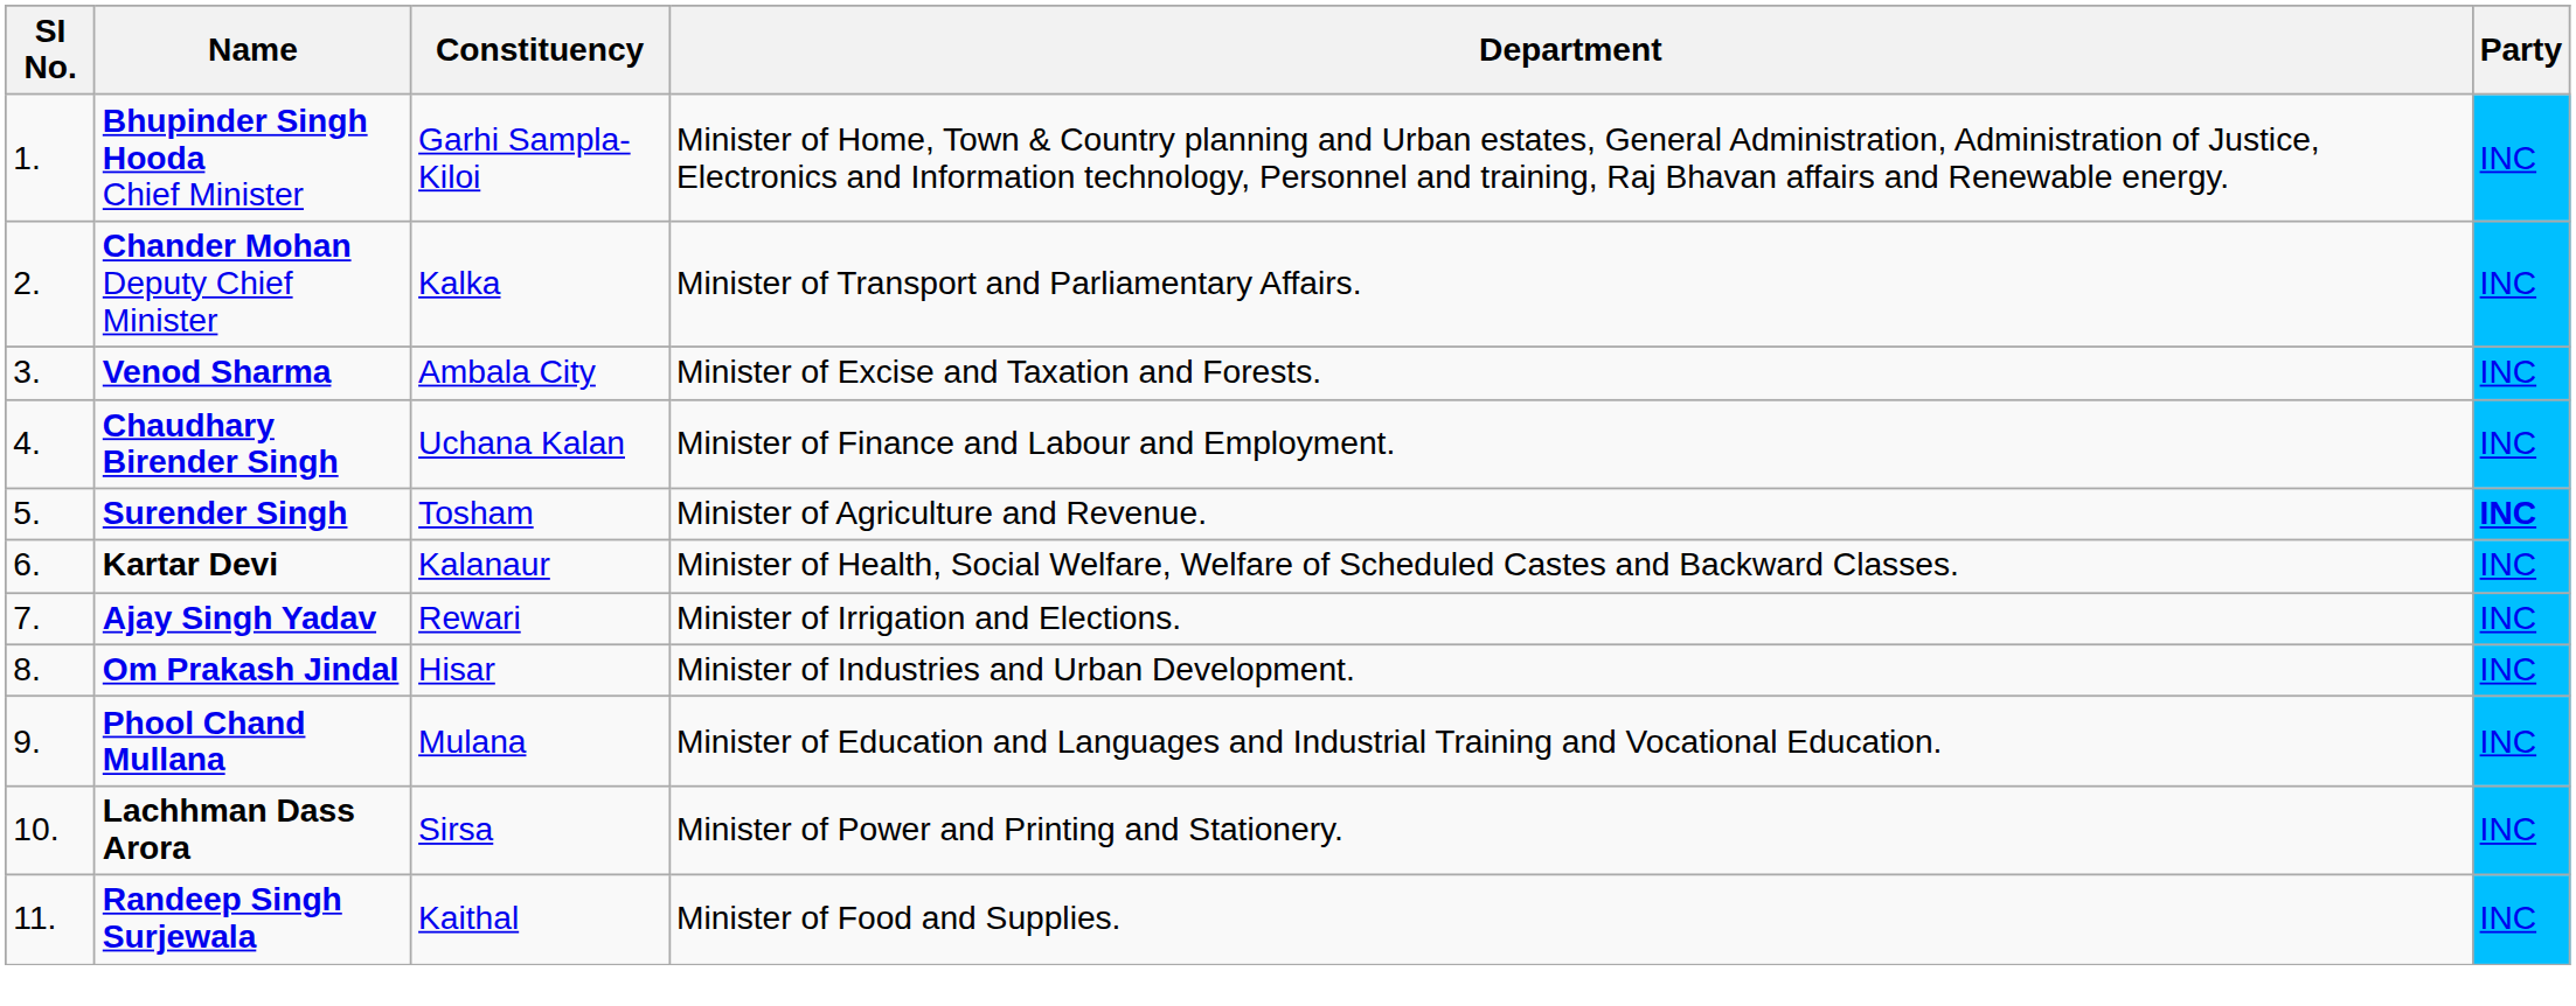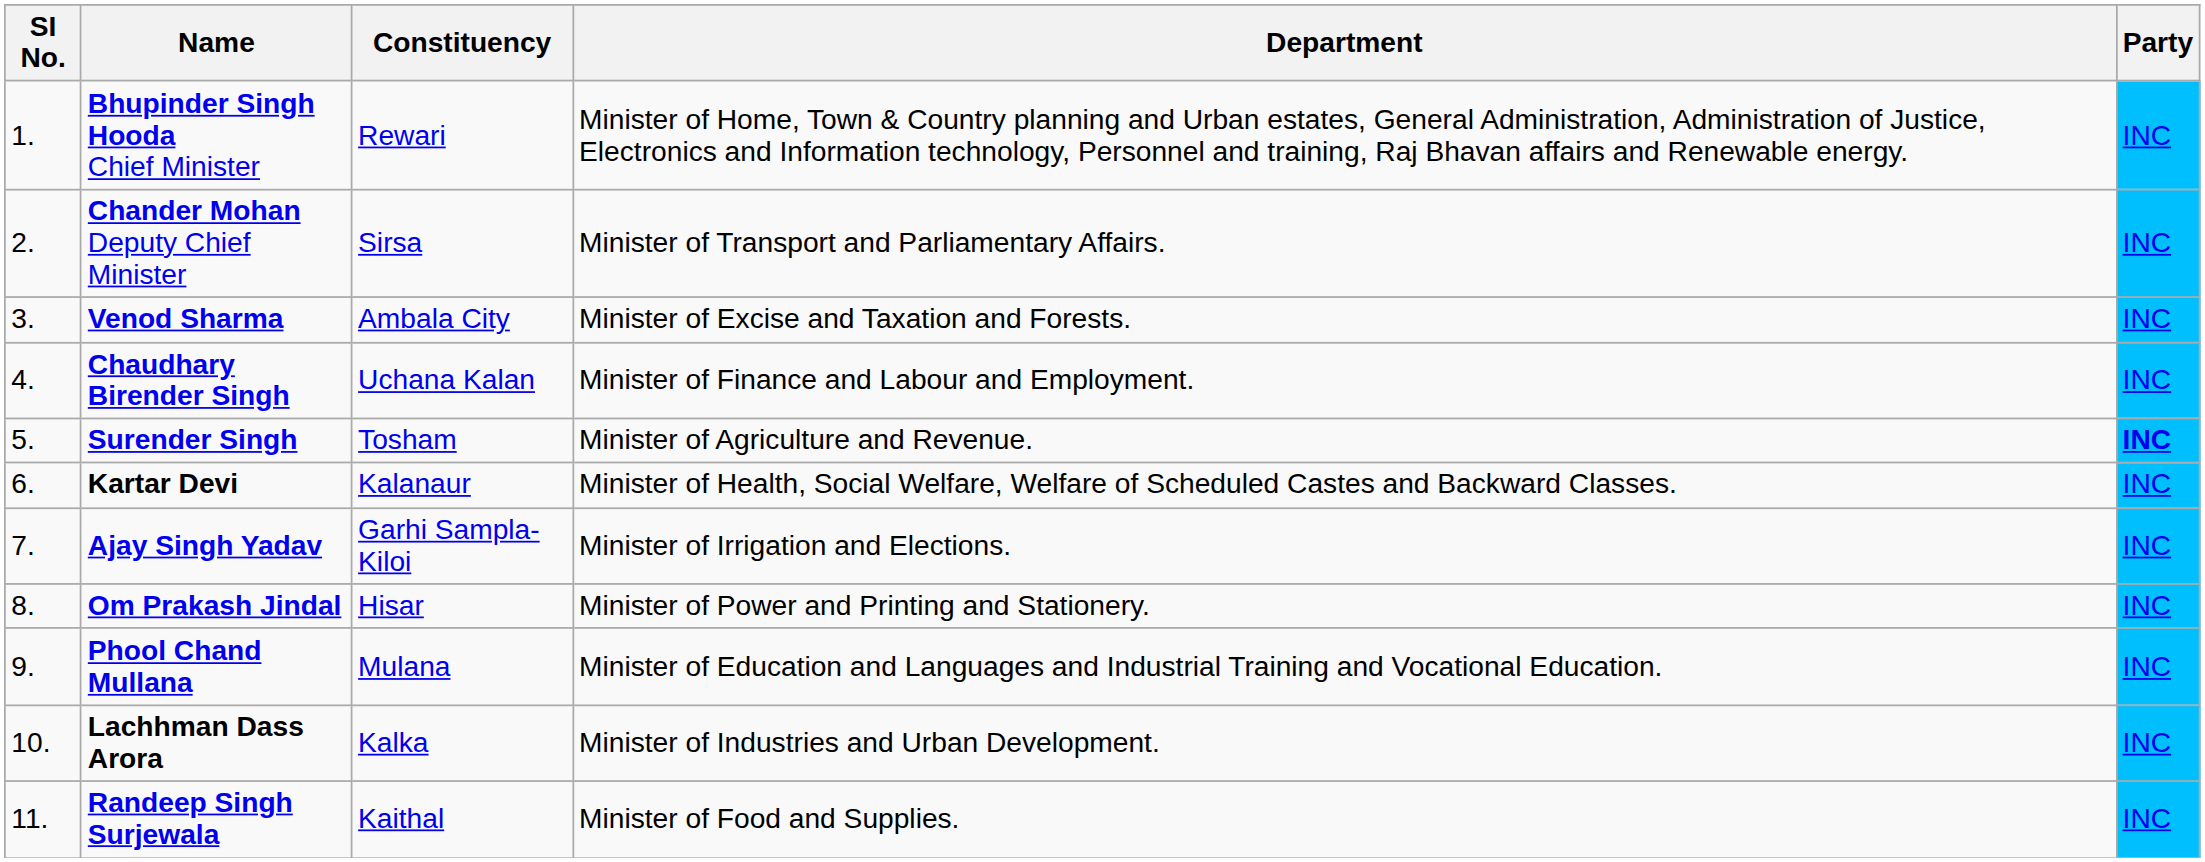 <table class="wikitable sortable">
 <tr>
 <th>SI No.</th>
 <th>Name</th>
 <th>Constituency</th>
 <th>Department</th>
 <th colspan=2>Party</th>
 </tr>
 <tr>
 <td>1.</td>
 <td><strong><a href='#'>Bhupinder Singh Hooda</a></strong><br><a href='#'>Chief Minister</a></td>
-<td><a href='#'>Garhi Sampla-Kiloi</a></td>
+<td><a href='#'>Rewari</a></td>
 <td>Minister of Home, Town & Country planning and Urban estates, General Administration, Administration of Justice, Electronics and Information technology, Personnel and training, Raj Bhavan affairs and Renewable energy.</td>
 <td bgcolor=#00BFFF><a href='#'>INC</a></td>
 </tr>
 <tr>
 <td>2.</td>
 <td><strong><a href='#'>Chander Mohan</a></strong><br><a href='#'>Deputy Chief Minister</a></td>
-<td><a href='#'>Kalka</a></td>
+<td><a href='#'>Sirsa</a></td>
 <td>Minister of Transport and Parliamentary Affairs.</td>
 <td bgcolor=#00BFFF><a href='#'>INC</a></td>
 </tr>
 <tr>
 <td>3.</td>
 <td><strong><a href='#'>Venod Sharma</a></strong></td>
 <td><a href='#'>Ambala City</a></td>
 <td>Minister of Excise and Taxation and Forests.</td>
 <td bgcolor=#00BFFF><a href='#'>INC</a></td>
 </tr>
 <tr>
 <td>4.</td>
 <td><strong><a href='#'>Chaudhary Birender Singh</a></strong></td>
 <td><a href='#'>Uchana Kalan</a></td>
 <td>Minister of Finance and Labour and Employment.</td>
 <td bgcolor=#00BFFF><a href='#'>INC</a></td>
 </tr>
 <tr>
 <td>5.</td>
 <td><strong><a href='#'>Surender Singh</a></strong></td>
 <td><a href='#'>Tosham</a></td>
 <td>Minister of Agriculture and Revenue.</td>
 <td bgcolor=#00BFFF><strong><a href='#'>INC</a></strong></td>
 </tr>
 <tr>
 <td>6.</td>
 <td><strong>Kartar Devi</strong></td>
 <td><a href='#'>Kalanaur</a></td>
 <td>Minister of Health, Social Welfare, Welfare of Scheduled Castes and Backward Classes.</td>
 <td bgcolor=#00BFFF><a href='#'>INC</a></td>
 </tr>
 <tr>
 <td>7.</td>
 <td><strong><a href='#'>Ajay Singh Yadav</a></strong></td>
-<td><a href='#'>Rewari</a></td>
+<td><a href='#'>Garhi Sampla-Kiloi</a></td>
 <td>Minister of Irrigation and Elections.</td>
 <td bgcolor=#00BFFF><a href='#'>INC</a></td>
 </tr>
 <tr>
 <td>8.</td>
 <td><strong><a href='#'>Om Prakash Jindal</a></strong></td>
 <td><a href='#'>Hisar</a></td>
-<td>Minister of Industries and Urban Development.</td>
+<td>Minister of Power and Printing and Stationery.</td>
 <td bgcolor=#00BFFF><a href='#'>INC</a></td>
 </tr>
 <tr>
 <td>9.</td>
 <td><strong><a href='#'>Phool Chand Mullana</a></strong></td>
 <td><a href='#'>Mulana</a></td>
 <td>Minister of Education and Languages and Industrial Training and Vocational Education.</td>
 <td bgcolor=#00BFFF><a href='#'>INC</a></td>
 </tr>
 <tr>
 <td>10.</td>
 <td><strong>Lachhman Dass Arora</strong></td>
-<td><a href='#'>Sirsa</a></td>
-<td>Minister of Power and Printing and Stationery.</td>
+<td><a href='#'>Kalka</a></td>
+<td>Minister of Industries and Urban Development.</td>
 <td bgcolor=#00BFFF><a href='#'>INC</a></td>
 </tr>
 <tr>
 <td>11.</td>
 <td><strong><a href='#'>Randeep Singh Surjewala</a></strong></td>
 <td><a href='#'>Kaithal</a></td>
 <td>Minister of Food and Supplies.</td>
 <td bgcolor=#00BFFF><a href='#'>INC</a></td>
 </tr>
 <tr>
 </tr>
 </table>
